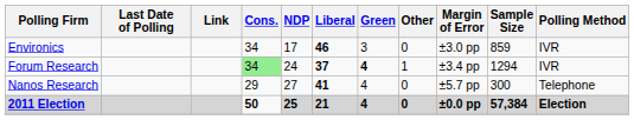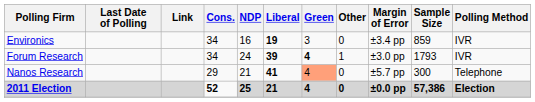 <table class="wikitable sortable">
 <tr style="background:#e9e9e9;">
 <th style="width:120px">Polling Firm</th>
 <th style="width:110px">Last Date<br>of Polling</th>
 <th style="width:60px" class="unsortable">Link</th>
 <th style="background-color:"><strong><a href='#'>Cons.</a></strong></th>
 <th style="background-color:"><strong><a href='#'>NDP</a></strong></th>
 <th style="background-color:"><strong><a href='#'>Liberal</a></strong></th>
 <th style="background-color:"><strong><a href='#'>Green</a></strong></th>
 <th style="background-color:"><strong>Other</strong></th>
 <th style="width:60px;" class=unsortable>Margin<br>of Error</th>
 <th style="width:50px;" class=unsortable>Sample<br>Size</th>
 <th class=unsortable>Polling Method</th>
 </tr>
 <tr>
 <td><a href='#'>Environics</a></td>
 <td></td>
 <td></td>
 <td>34</td>
-<td>17</td>
-<td><strong>46</strong></td>
+<td>16</td>
+<td><strong>19</strong></td>
 <td>3</td>
 <td>0</td>
-<td>±3.0 pp</td>
+<td>±3.4 pp</td>
 <td>859</td>
 <td>IVR</td>
 </tr>
 <tr>
 <td><a href='#'>Forum Research</a></td>
 <td></td>
 <td></td>
-<td style="background: lightgreen;">34</td>
+<td>34</td>
 <td>24</td>
-<td><strong>37</strong></td>
+<td><strong>39</strong></td>
 <td><strong>4</strong></td>
 <td>1</td>
-<td>±3.4 pp</td>
-<td>1294</td>
+<td>±3.0 pp</td>
+<td>1793</td>
 <td>IVR</td>
 </tr>
 <tr>
 <td><a href='#'>Nanos Research</a></td>
 <td></td>
 <td> </td>
 <td>29</td>
-<td>27</td>
+<td>21</td>
 <td><strong>41</strong></td>
-<td>4</td>
+<td style="background: lightsalmon;">4</td>
 <td>0</td>
 <td>±5.7 pp</td>
 <td>300</td>
 <td>Telephone</td>
 </tr>
 <tr>
 <td style="background:#D5D5D5"><strong><a href='#'>2011 Election</a></strong></td>
 <td style="background:#D5D5D5"><strong></strong></td>
 <td style="background:#D5D5D5"></td>
-<td><strong>50</strong></td>
+<td><strong>52</strong></td>
 <td style="background:#D5D5D5"><strong>25</strong></td>
 <td style="background:#D5D5D5"><strong>21</strong></td>
 <td style="background:#D5D5D5"><strong>4</strong></td>
 <td style="background:#D5D5D5"><strong>0</strong></td>
 <td style="background:#D5D5D5"><strong>±0.0 pp</strong></td>
-<td style="background:#D5D5D5"><strong>57,384</strong></td>
+<td style="background:#D5D5D5"><strong>57,386</strong></td>
 <td style="background:#D5D5D5"><strong>Election</strong></td>
 </tr>
 <tr>
 </tr>
 <tr>
 </tr>
 </table>
